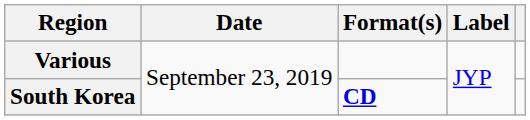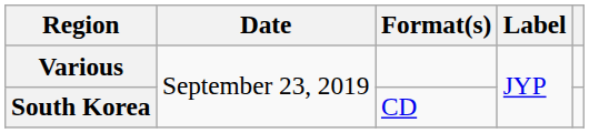 <table class="wikitable plainrowheaders">
 <tr>
 <th>Region</th>
 <th>Date</th>
 <th>Format(s)</th>
 <th>Label</th>
 <th></th>
 </tr>
 <tr>
 <th scope="row">Various</th>
 <td rowspan="2">September 23, 2019</td>
 <td></td>
 <td rowspan="2"><a href='#'>JYP</a></td>
 <td style="text-align:center;"></td>
 </tr>
 <tr>
 <th scope="row">South Korea</th>
-<td><strong><a href='#'>CD</a></strong></td>
+<td><a href='#'>CD</a></td>
 <td></td>
 </tr>
 </table>
